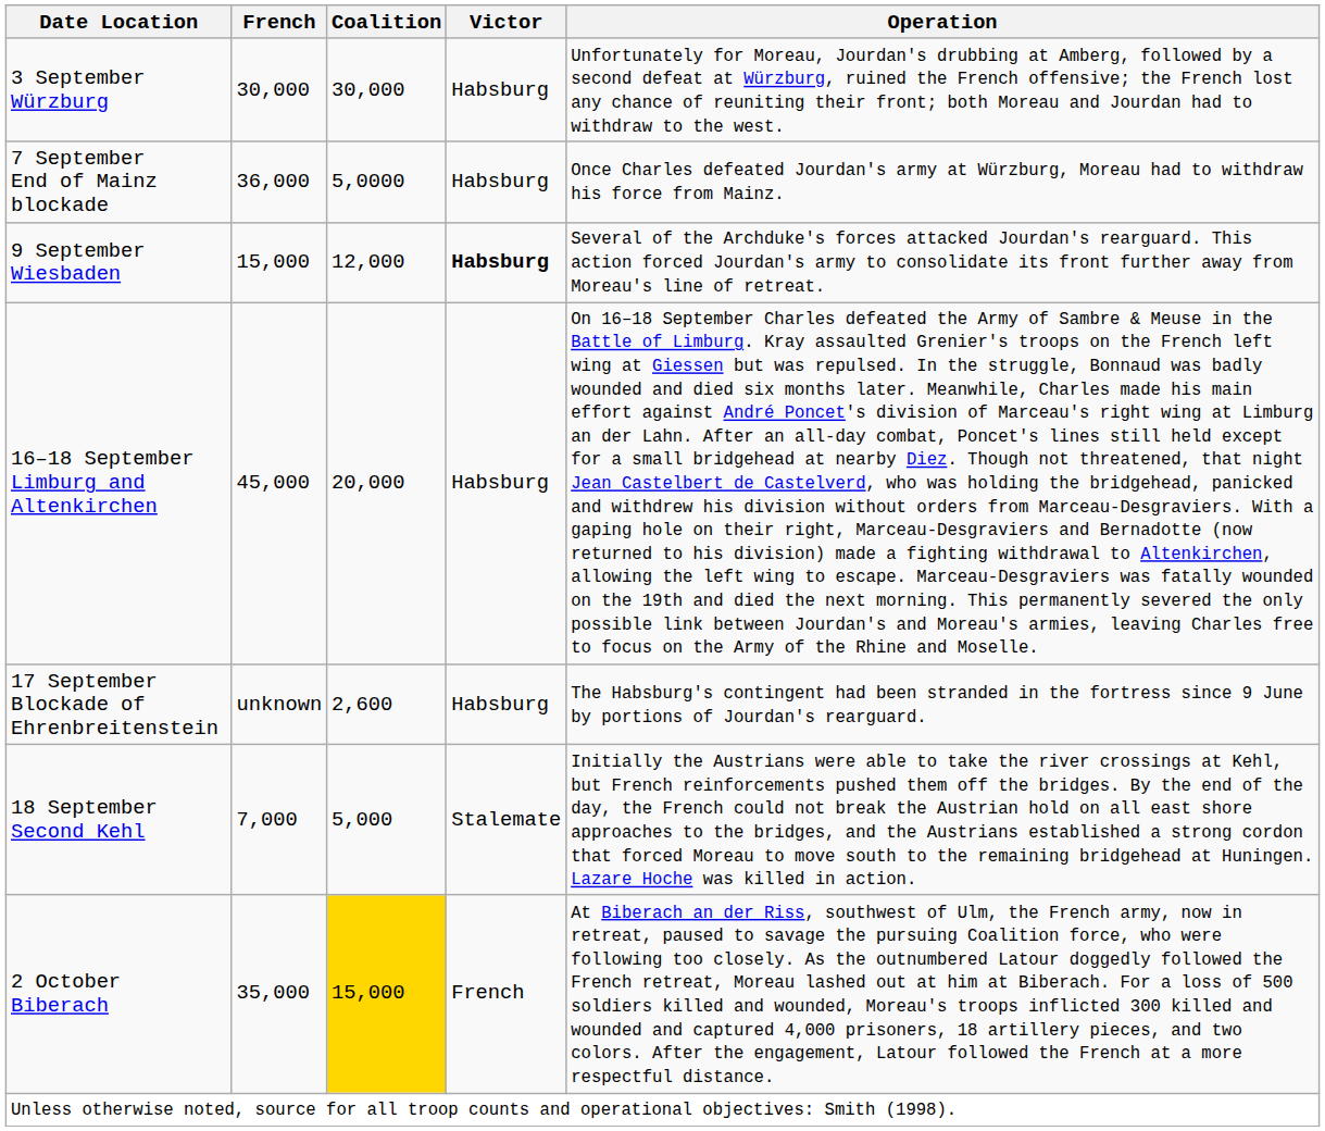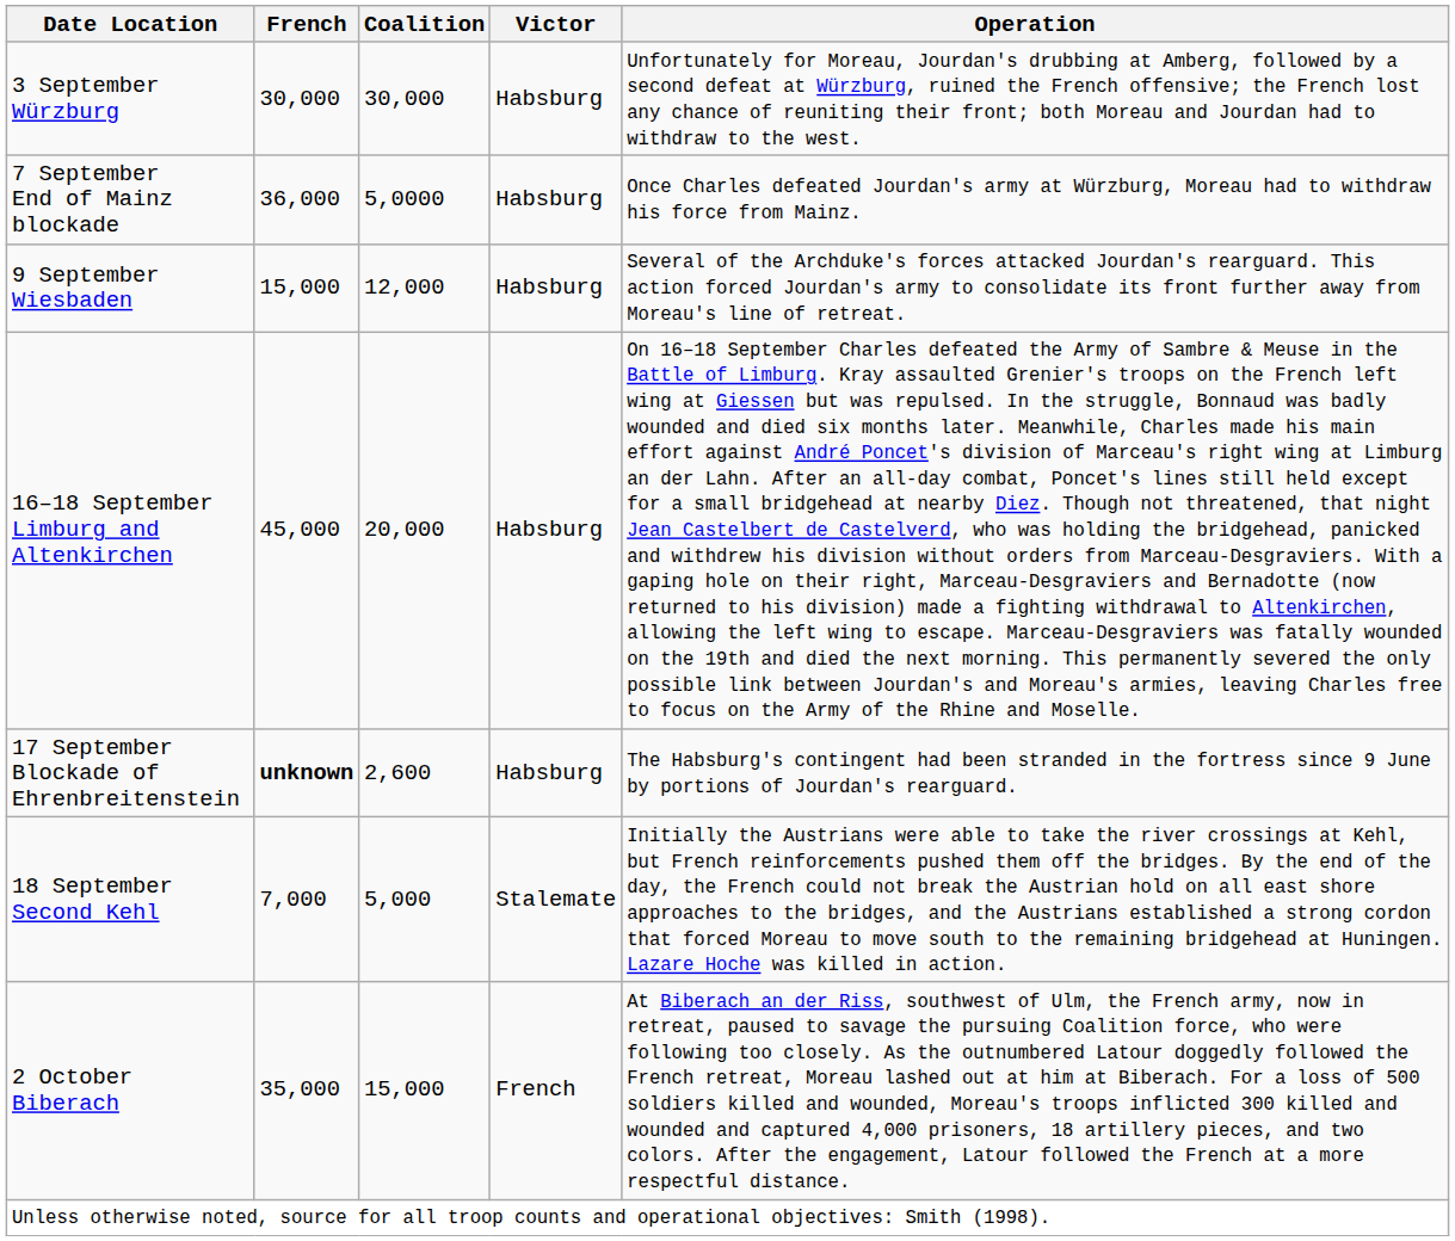 <table class="wikitable" style="width:95%; margin:auto;">
 <tr>
 <th>Date Location</th>
 <th>French</th>
 <th>Coalition</th>
 <th>Victor</th>
 <th>Operation</th>
 </tr>
 <tr>
 <td>3 September<br><a href='#'>Würzburg</a></td>
 <td>30,000</td>
 <td>30,000</td>
 <td>Habsburg</td>
 <td><small> Unfortunately for Moreau, Jourdan's drubbing at Amberg, followed by a second defeat at <a href='#'>Würzburg</a>, ruined the French offensive; the French lost any chance of reuniting their front; both Moreau and Jourdan had to withdraw to the west.</small></td>
 </tr>
 <tr>
 <td>7 September <br>End of Mainz blockade</td>
 <td>36,000</td>
 <td>5,0000</td>
 <td>Habsburg</td>
 <td><small>Once Charles defeated Jourdan's army at Würzburg, Moreau had to withdraw his force from Mainz.</small></td>
 </tr>
 <tr>
 <td>9 September<br><a href='#'>Wiesbaden</a></td>
 <td>15,000</td>
 <td>12,000</td>
-<td><strong>Habsburg</strong></td>
+<td>Habsburg</td>
 <td><small>Several of the Archduke's forces attacked Jourdan's rearguard. This action forced Jourdan's army to consolidate its front further away from Moreau's line of retreat.</small></td>
 </tr>
 <tr>
 <td>16–18 September <br><a href='#'>Limburg and Altenkirchen</a></td>
 <td>45,000</td>
 <td>20,000</td>
 <td>Habsburg</td>
 <td><small>On 16–18 September Charles defeated the Army of Sambre & Meuse in the <a href='#'>Battle of Limburg</a>. Kray assaulted Grenier's troops on the French left wing at <a href='#'>Giessen</a> but was repulsed. In the struggle, Bonnaud was badly wounded and died six months later. Meanwhile, Charles made his main effort against <a href='#'>André Poncet</a>'s division of Marceau's right wing at Limburg an der Lahn. After an all-day combat, Poncet's lines still held except for a small bridgehead at nearby <a href='#'>Diez</a>. Though not threatened, that night <a href='#'>Jean Castelbert de Castelverd</a>, who was holding the bridgehead, panicked and withdrew his division without orders from Marceau-Desgraviers. With a gaping hole on their right, Marceau-Desgraviers and Bernadotte (now returned to his division) made a fighting withdrawal to <a href='#'>Altenkirchen</a>, allowing the left wing to escape. Marceau-Desgraviers was fatally wounded on the 19th and died the next morning. This permanently severed the only possible link between Jourdan's and Moreau's armies, leaving Charles free to focus on the Army of the Rhine and Moselle.</small></td>
 </tr>
 <tr>
 <td>17 September<br>Blockade of Ehrenbreitenstein</td>
-<td>unknown</td>
+<td><strong>unknown</strong></td>
 <td>2,600</td>
 <td>Habsburg</td>
 <td><small>The Habsburg's contingent had been stranded in the fortress since 9 June by portions of Jourdan's rearguard.</small></td>
 </tr>
 <tr>
 <td>18 September <br><a href='#'>Second Kehl</a></td>
 <td>7,000</td>
 <td>5,000</td>
 <td>Stalemate</td>
 <td><small>Initially the Austrians were able to take the river crossings at Kehl, but French reinforcements pushed them off the bridges. By the end of the day, the French could not break the Austrian hold on all east shore approaches to the bridges, and the Austrians established a strong cordon that forced Moreau to move south to the remaining bridgehead at Huningen. <a href='#'>Lazare Hoche</a> was killed in action.</small></td>
 </tr>
 <tr>
 <td>2 October<br><a href='#'>Biberach</a></td>
 <td>35,000</td>
-<td style="background: gold;">15,000</td>
+<td>15,000</td>
 <td>French</td>
 <td><small>At <a href='#'>Biberach an der Riss</a>,  southwest of Ulm, the French army, now in retreat, paused to savage the pursuing Coalition force, who were following too closely. As the outnumbered Latour doggedly followed the French retreat, Moreau lashed out at him at Biberach. For a loss of 500 soldiers killed and wounded, Moreau's troops inflicted 300 killed and wounded and captured 4,000 prisoners, 18 artillery pieces, and two colors. After the engagement, Latour followed the French at a more respectful distance.</small></td>
 </tr>
 <tr>
 <td colspan="11" style="background:white;"><small>Unless otherwise noted, source for all troop counts and operational objectives: Smith (1998).</small></td>
 </tr>
 </table>
